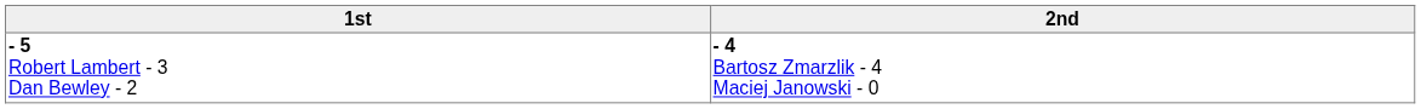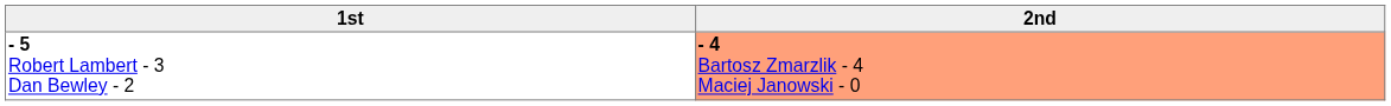 <table border="1" cellpadding="2" cellspacing="0"  style="width:75%; border-collapse:collapse;">
 <tr style="text-align:left; background:#efefef;">
 <th width=15% align=center >1st</th>
 <th width=15% align=center >2nd</th>
 </tr>
 <tr align=left>
 <td valign=top align=left ><strong> - 5</strong><br><a href='#'>Robert Lambert</a> - 3<br><a href='#'>Dan Bewley</a> - 2</td>
-<td valign=top align=left ><strong> - 4</strong><br><a href='#'>Bartosz Zmarzlik</a> - 4<br><a href='#'>Maciej Janowski</a> - 0</td>
+<td valign=top align=left  style="background: lightsalmon;"><strong> - 4</strong><br><a href='#'>Bartosz Zmarzlik</a> - 4<br><a href='#'>Maciej Janowski</a> - 0</td>
 </tr>
 </table>
